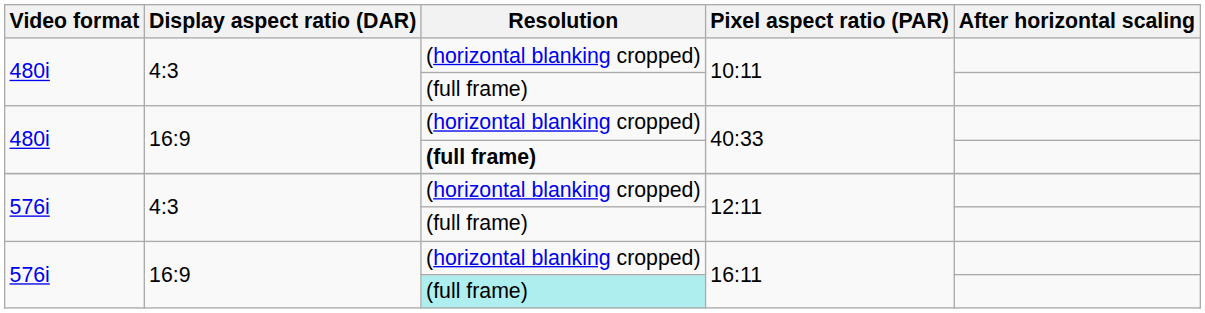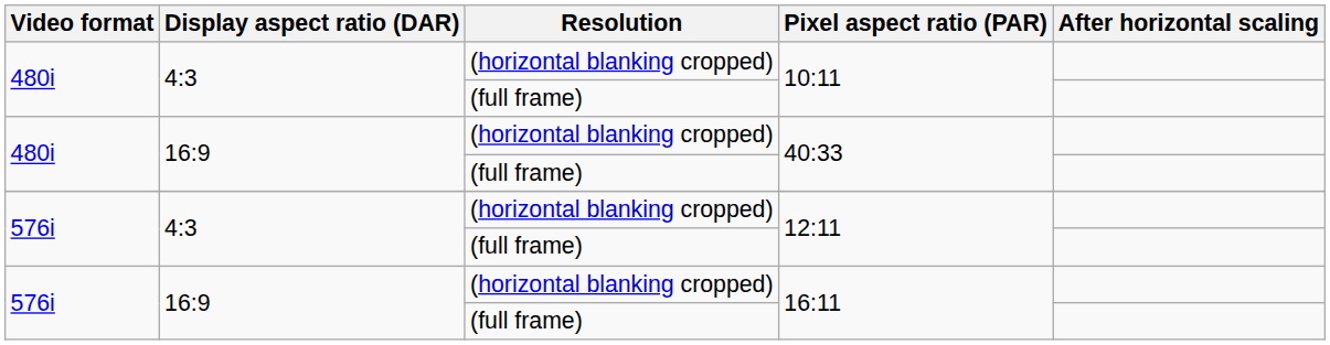 <table class="wikitable">
 <tr>
 <th>Video format</th>
 <th>Display aspect ratio (DAR)</th>
 <th>Resolution</th>
 <th>Pixel aspect ratio (PAR)</th>
 <th>After horizontal scaling</th>
 </tr>
 <tr>
 <td rowspan="2"><a href='#'>480i</a></td>
 <td rowspan="2">4:3</td>
 <td> (<a href='#'>horizontal blanking</a> cropped)</td>
 <td rowspan="2">10:11</td>
 <td></td>
 </tr>
 <tr>
 <td> (full frame)</td>
 <td></td>
 </tr>
 <tr>
 <td rowspan="2"><a href='#'>480i</a></td>
 <td rowspan="2">16:9</td>
 <td> (<a href='#'>horizontal blanking</a> cropped)</td>
 <td rowspan="2">40:33</td>
 <td></td>
 </tr>
 <tr>
-<td><strong> (full frame)</strong></td>
+<td> (full frame)</td>
 <td></td>
 </tr>
 <tr>
 </tr>
 <tr>
 <td rowspan="2"><a href='#'>576i</a></td>
 <td rowspan="2">4:3</td>
 <td> (<a href='#'>horizontal blanking</a> cropped)</td>
 <td rowspan="2">12:11</td>
 <td></td>
 </tr>
 <tr>
 <td> (full frame)</td>
 <td></td>
 </tr>
 <tr>
 <td rowspan="2"><a href='#'>576i</a></td>
 <td rowspan="2">16:9</td>
 <td> (<a href='#'>horizontal blanking</a> cropped)</td>
 <td rowspan="2">16:11</td>
 <td></td>
 </tr>
 <tr>
-<td style="background: paleturquoise;"> (full frame)</td>
+<td> (full frame)</td>
 <td></td>
 </tr>
 </table>
